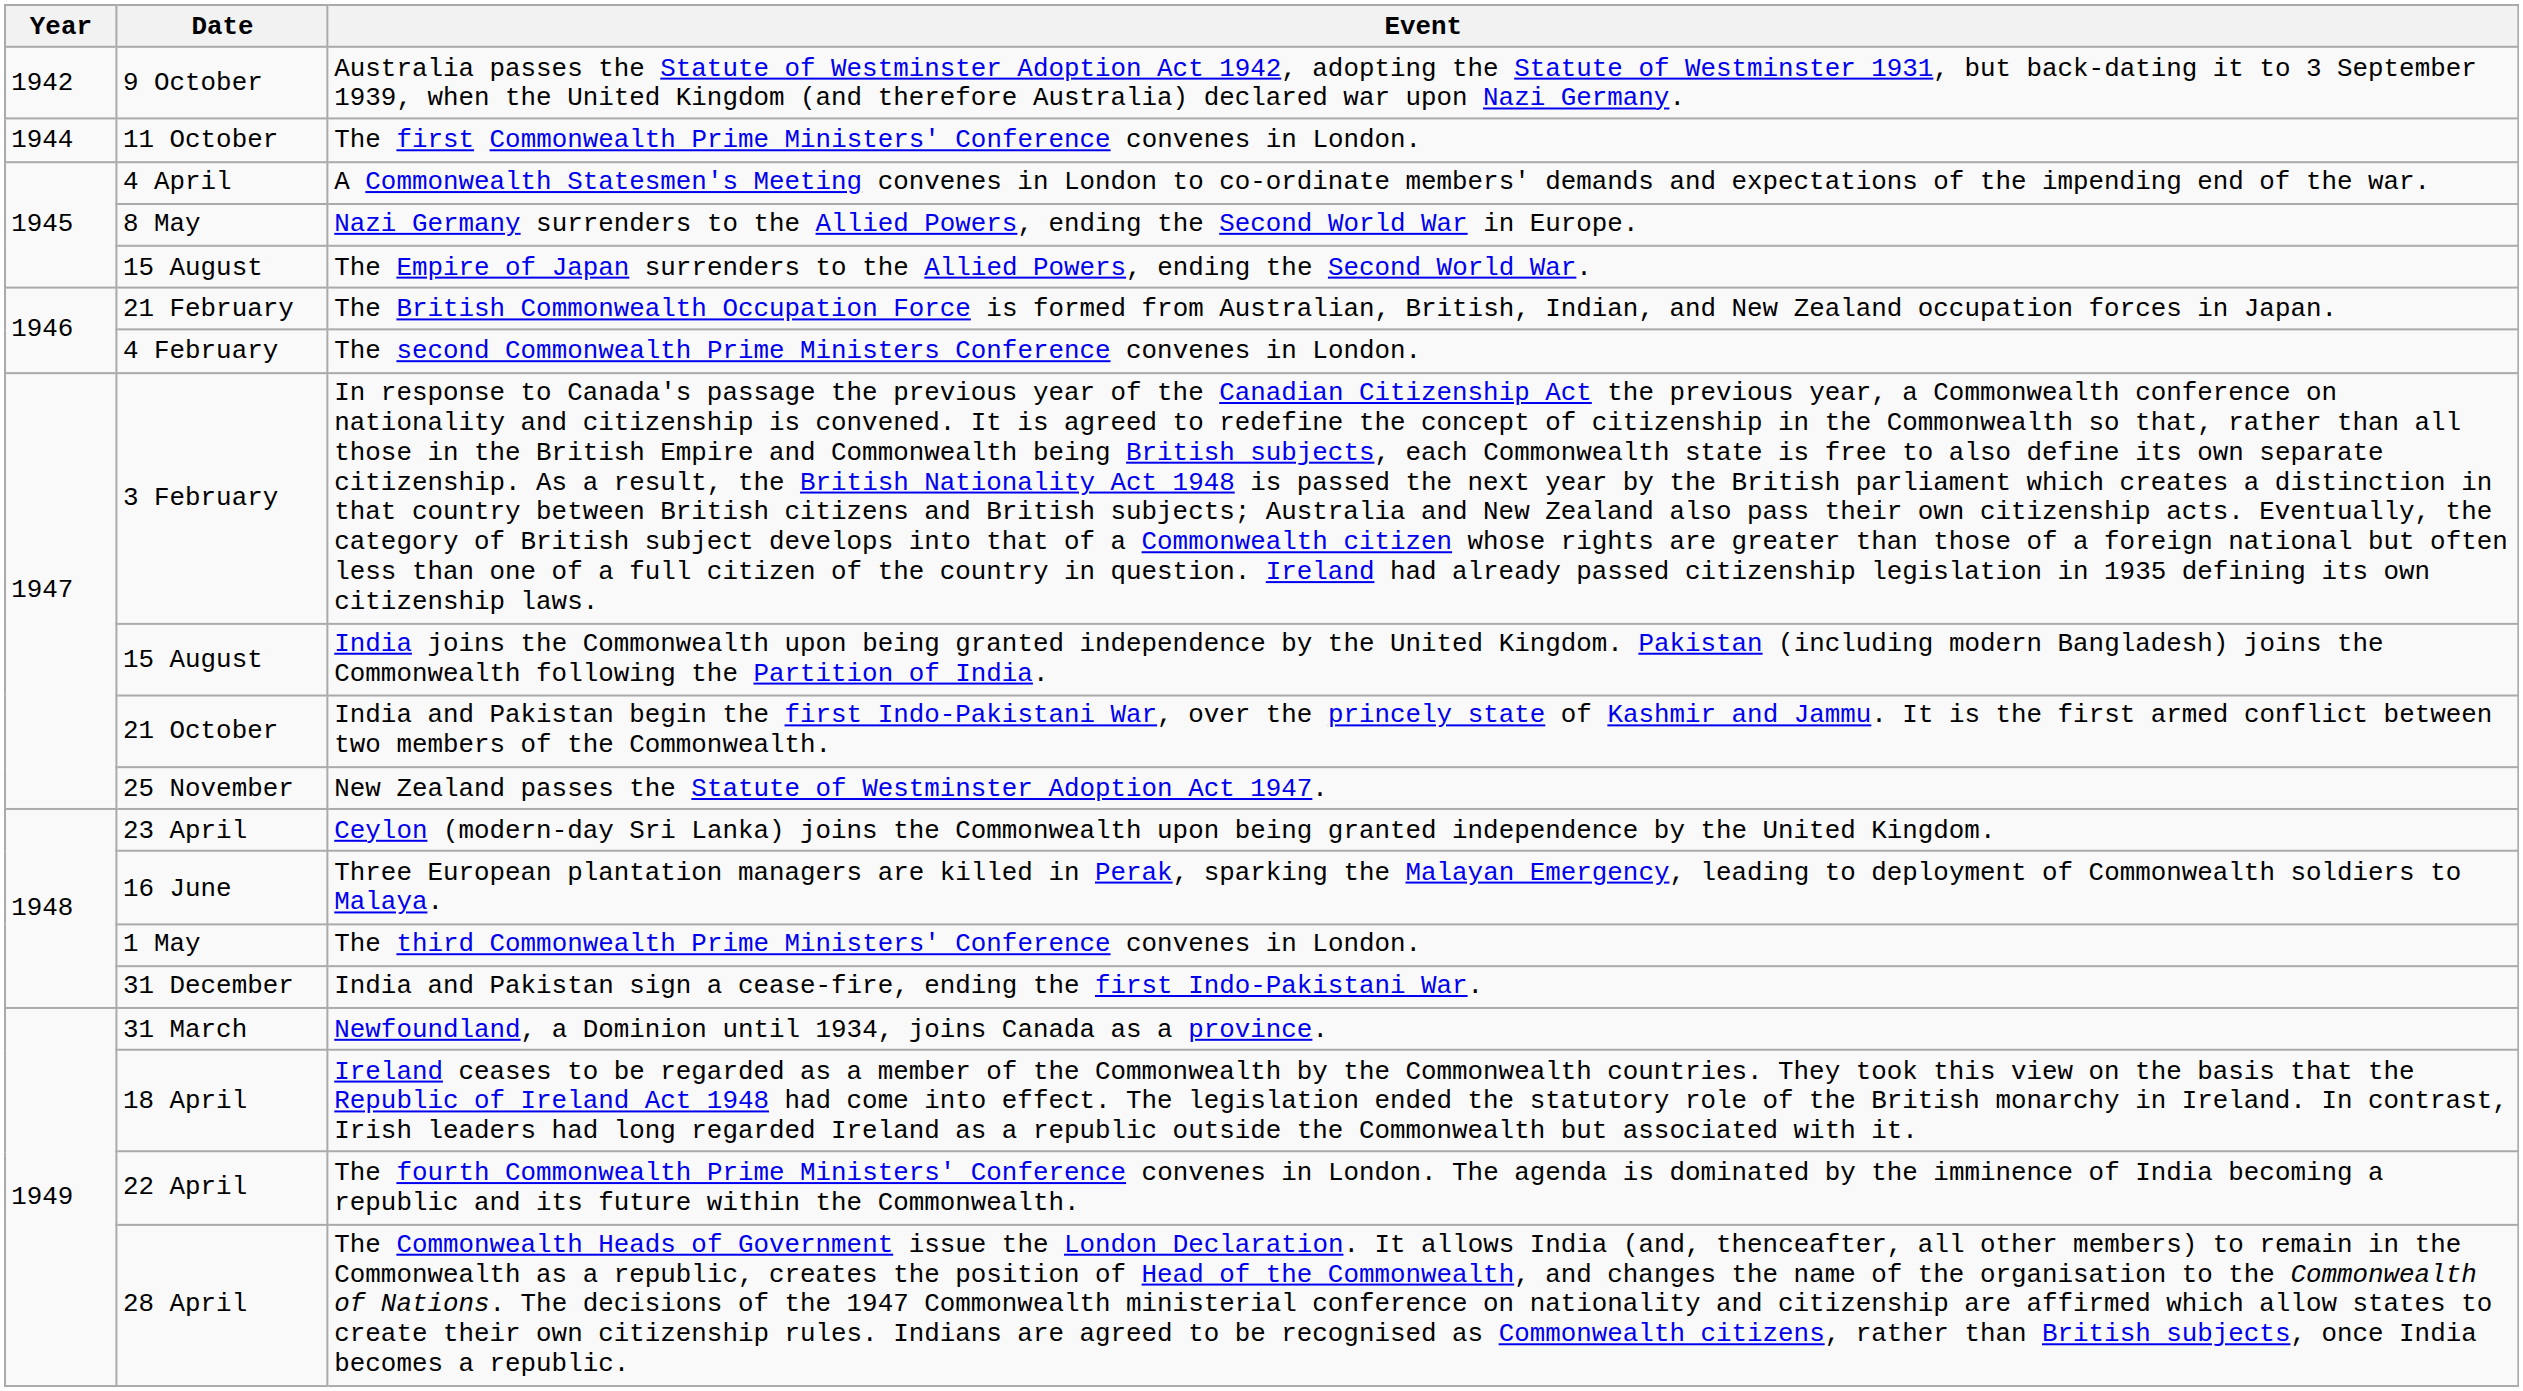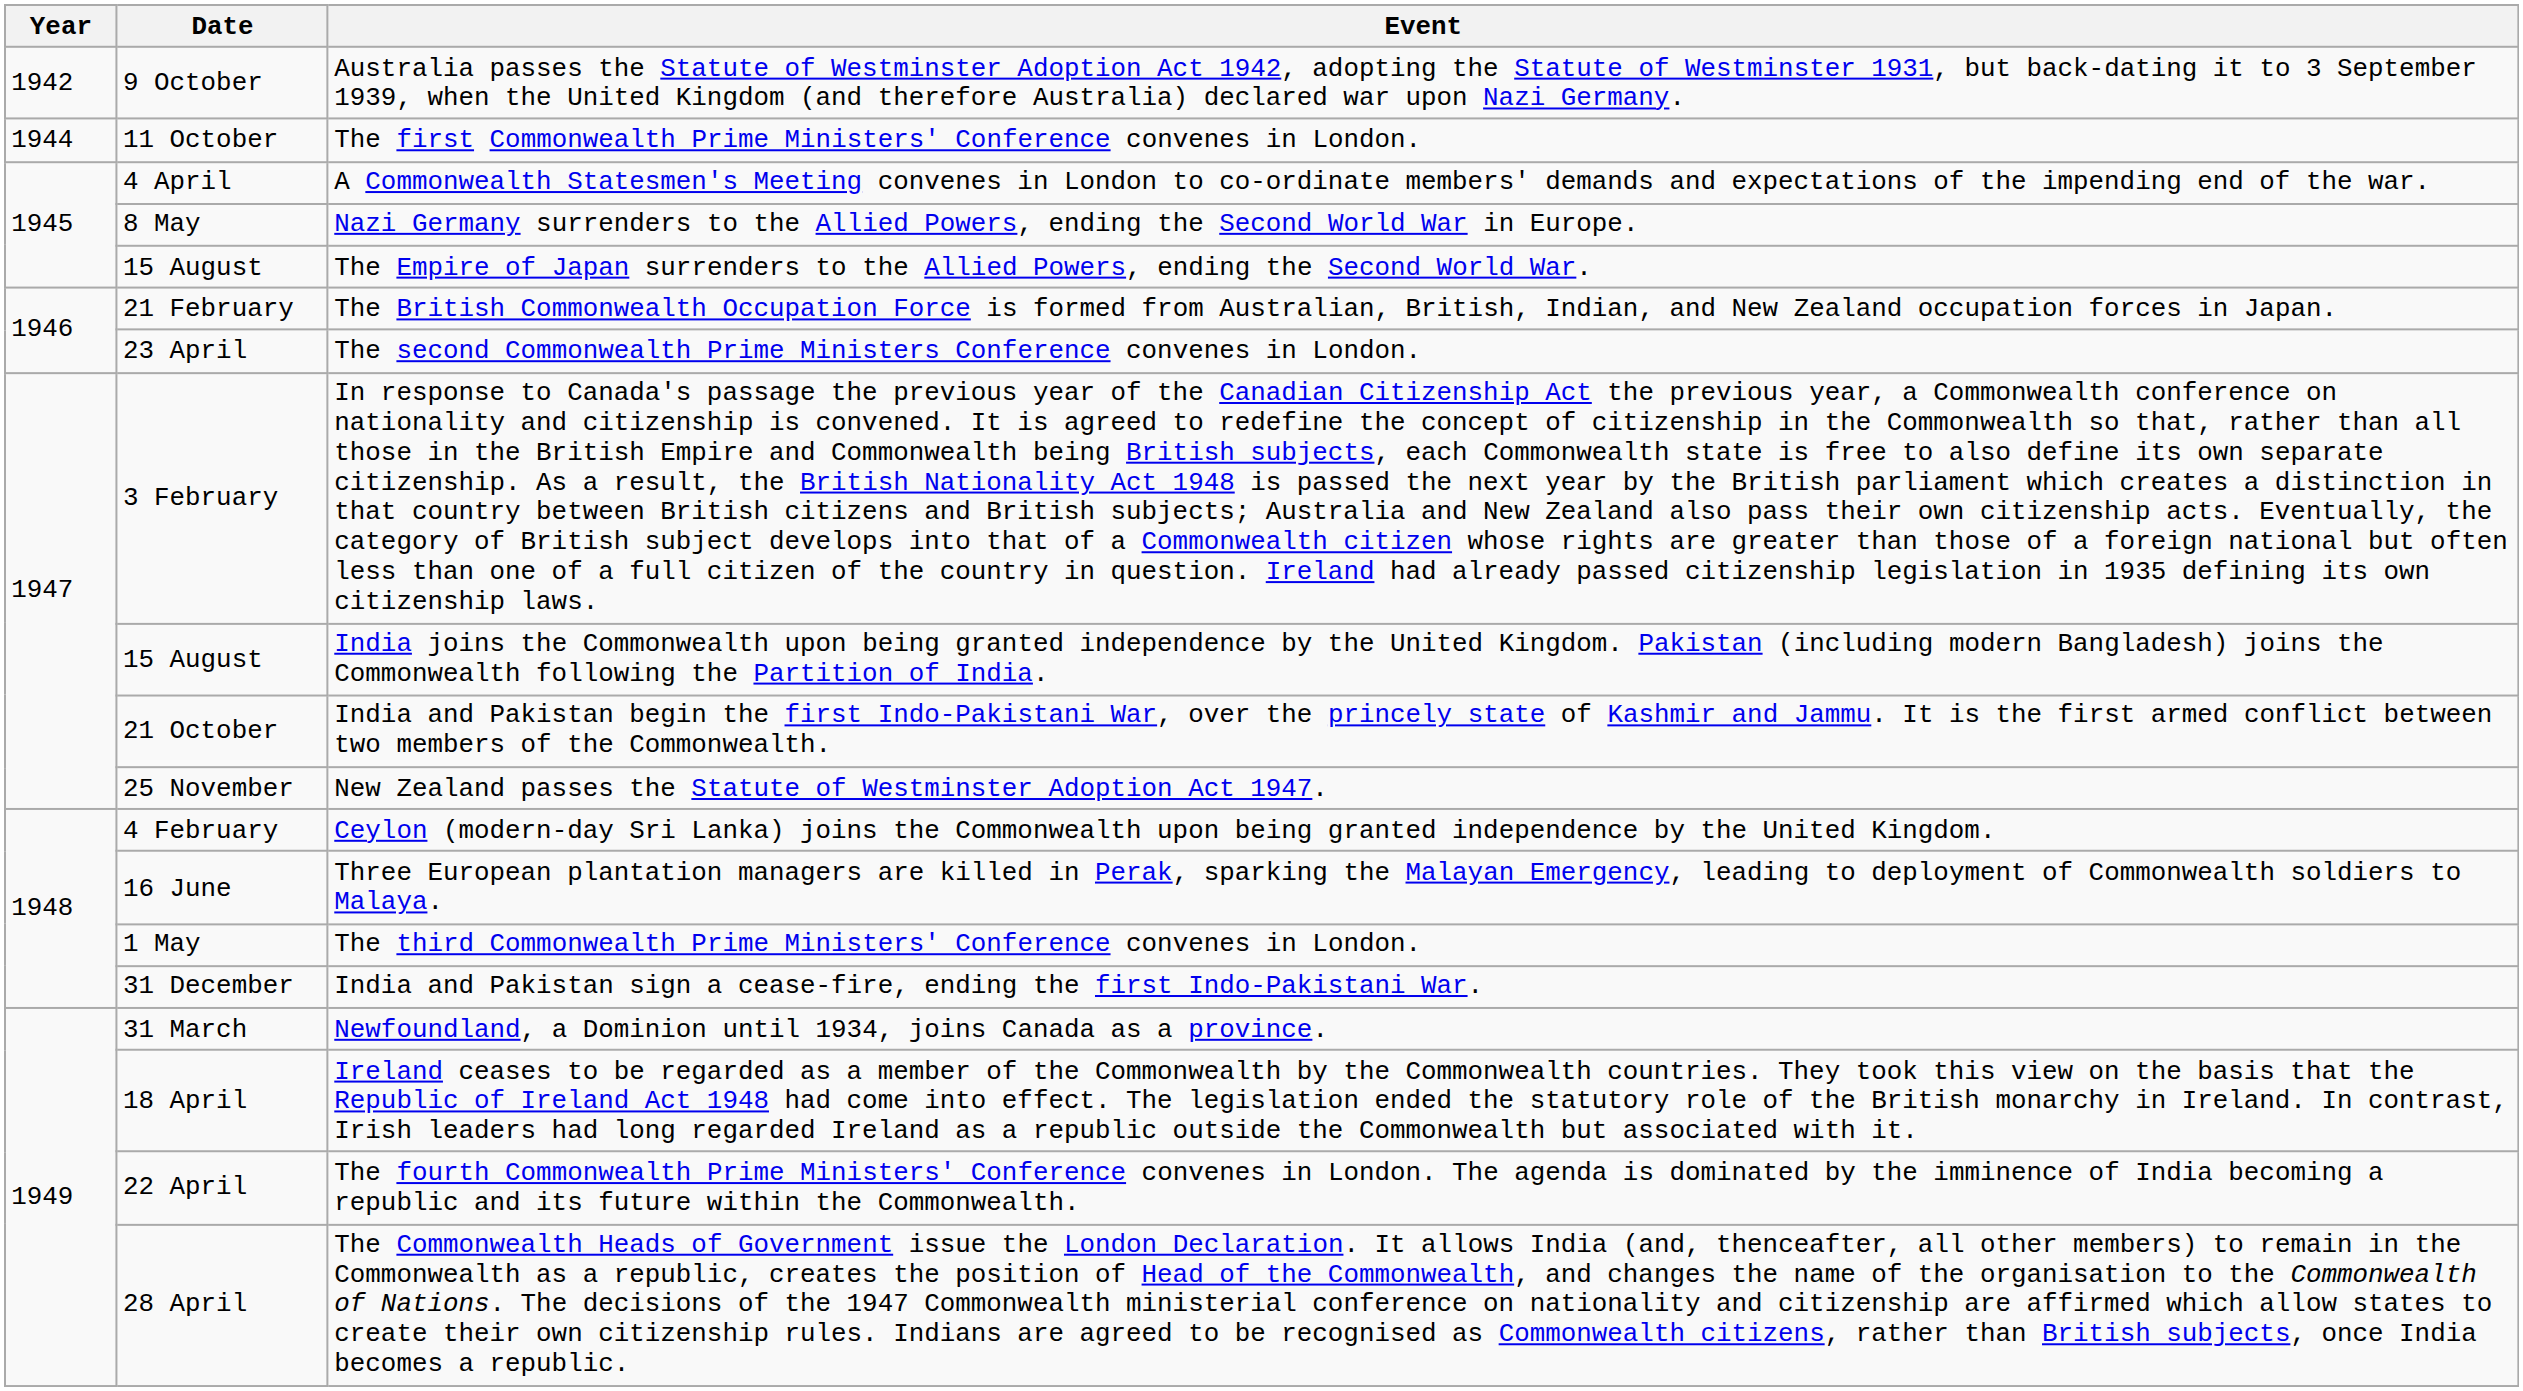 <table class="wikitable" width="100%">
 <tr>
 <th width=50px>Year</th>
 <th width=100px>Date</th>
 <th>Event</th>
 </tr>
 <tr>
 <td>1942</td>
 <td>9 October</td>
 <td>Australia passes the <a href='#'>Statute of Westminster Adoption Act 1942</a>, adopting the <a href='#'>Statute of Westminster 1931</a>, but back-dating it to 3 September 1939, when the United Kingdom (and therefore Australia) declared war upon <a href='#'>Nazi Germany</a>.</td>
 </tr>
 <tr>
 <td>1944</td>
 <td>11 October</td>
 <td>The <a href='#'>first</a> <a href='#'>Commonwealth Prime Ministers' Conference</a> convenes in London.</td>
 </tr>
 <tr>
 <td rowspan=3>1945</td>
 <td>4 April</td>
 <td>A <a href='#'>Commonwealth Statesmen's Meeting</a> convenes in London to co-ordinate members' demands and expectations of the impending end of the war.</td>
 </tr>
 <tr>
 <td>8 May</td>
 <td><a href='#'>Nazi Germany</a> surrenders to the <a href='#'>Allied Powers</a>, ending the <a href='#'>Second World War</a> in Europe.</td>
 </tr>
 <tr>
 <td>15 August</td>
 <td>The <a href='#'>Empire of Japan</a> surrenders to the <a href='#'>Allied Powers</a>, ending the <a href='#'>Second World War</a>.</td>
 </tr>
 <tr>
 <td rowspan=2>1946</td>
 <td>21 February</td>
 <td>The <a href='#'>British Commonwealth Occupation Force</a> is formed from Australian, British, Indian, and New Zealand occupation forces in Japan.</td>
 </tr>
 <tr>
-<td>4 February</td>
+<td>23 April</td>
 <td>The <a href='#'>second Commonwealth Prime Ministers Conference</a> convenes in London.</td>
 </tr>
 <tr>
 <td rowspan=4>1947</td>
 <td>3 February</td>
 <td>In response to Canada's passage the previous year of the <a href='#'>Canadian Citizenship Act</a> the previous year, a Commonwealth conference on nationality and citizenship is convened. It is agreed to redefine the concept of citizenship in the Commonwealth so that, rather than all those in the British Empire and Commonwealth being <a href='#'>British subjects</a>, each Commonwealth state is free to also define its own separate citizenship. As a result, the <a href='#'>British Nationality Act 1948</a> is passed the next year by the British parliament which creates a distinction in that country between British citizens and British subjects; Australia and New Zealand also pass their own citizenship acts. Eventually, the category of British subject develops into that of a <a href='#'>Commonwealth citizen</a> whose rights are greater than those of a foreign national but often less than one of a full citizen of the country in question. <a href='#'>Ireland</a> had already passed citizenship legislation in 1935 defining its own citizenship laws.</td>
 </tr>
 <tr>
 <td>15 August</td>
 <td><a href='#'>India</a> joins the Commonwealth upon being granted independence by the United Kingdom. <a href='#'>Pakistan</a> (including modern Bangladesh) joins the Commonwealth following the <a href='#'>Partition of India</a>.</td>
 </tr>
 <tr>
 <td>21 October</td>
 <td>India and Pakistan begin the <a href='#'>first Indo-Pakistani War</a>, over the <a href='#'>princely state</a> of <a href='#'>Kashmir and Jammu</a>. It is the first armed conflict between two members of the Commonwealth.</td>
 </tr>
 <tr>
 <td>25 November</td>
 <td>New Zealand passes the <a href='#'>Statute of Westminster Adoption Act 1947</a>.</td>
 </tr>
 <tr>
 <td rowspan=4>1948</td>
-<td>23 April</td>
+<td>4 February</td>
 <td><a href='#'>Ceylon</a> (modern-day Sri Lanka) joins the Commonwealth upon being granted independence by the United Kingdom.</td>
 </tr>
 <tr>
 <td>16 June</td>
 <td>Three European plantation managers are killed in <a href='#'>Perak</a>, sparking the <a href='#'>Malayan Emergency</a>, leading to deployment of Commonwealth soldiers to <a href='#'>Malaya</a>.</td>
 </tr>
 <tr>
 <td>1 May</td>
 <td>The <a href='#'>third Commonwealth Prime Ministers' Conference</a> convenes in London.</td>
 </tr>
 <tr>
 <td>31 December</td>
 <td>India and Pakistan sign a cease-fire, ending the <a href='#'>first Indo-Pakistani War</a>.</td>
 </tr>
 <tr>
 <td rowspan=4>1949</td>
 <td>31 March</td>
 <td><a href='#'>Newfoundland</a>, a Dominion until 1934, joins Canada as a <a href='#'>province</a>.</td>
 </tr>
 <tr>
 <td>18 April</td>
 <td><a href='#'>Ireland</a> ceases to be regarded as a member of the Commonwealth by the Commonwealth countries. They took this view on the basis that the <a href='#'>Republic of Ireland Act 1948</a> had come into effect. The legislation ended the statutory role of the British monarchy in Ireland. In contrast, Irish leaders had long regarded Ireland as a republic outside the Commonwealth but associated with it.</td>
 </tr>
 <tr>
 <td>22 April</td>
 <td>The <a href='#'>fourth Commonwealth Prime Ministers' Conference</a> convenes in London. The agenda is dominated by the imminence of India becoming a republic and its future within the Commonwealth.</td>
 </tr>
 <tr>
 <td>28 April</td>
 <td>The <a href='#'>Commonwealth Heads of Government</a> issue the <a href='#'>London Declaration</a>. It allows India (and, thenceafter, all other members) to remain in the Commonwealth as a republic, creates the position of <a href='#'>Head of the Commonwealth</a>, and changes the name of the organisation to the <em>Commonwealth of Nations</em>. The decisions of the 1947 Commonwealth ministerial conference on nationality and citizenship are affirmed which allow states to create their own citizenship rules. Indians are agreed to be recognised as <a href='#'>Commonwealth citizens</a>, rather than <a href='#'>British subjects</a>, once India becomes a republic.</td>
 </tr>
 </table>
